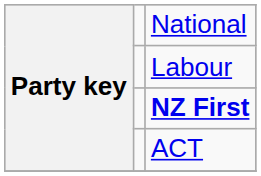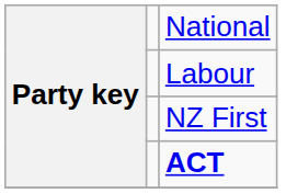 <table class=wikitable>
 <tr>
 <th rowspan=4>Party key</th>
 <td bgcolor=></td>
 <td><a href='#'>National</a></td>
 </tr>
 <tr>
 <td bgcolor=></td>
 <td><a href='#'>Labour</a></td>
 </tr>
 <tr>
 <td bgcolor=></td>
-<td><strong><a href='#'>NZ First</a></strong></td>
+<td><a href='#'>NZ First</a></td>
 </tr>
 <tr>
 <td bgcolor=></td>
-<td><a href='#'>ACT</a></td>
+<td><strong><a href='#'>ACT</a></strong></td>
 </tr>
 <tr>
 </tr>
 </table>
